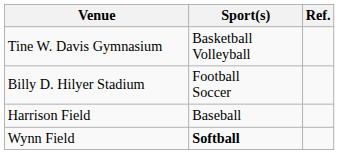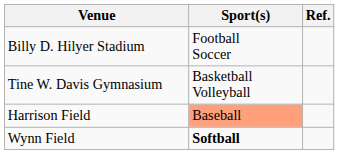 <table class="wikitable"; style= "text-align: ">
 <tr>
 <th width=200px>Venue</th>
 <th width=120px>Sport(s)</th>
 <th width=px>Ref.</th>
 </tr>
 <tr>
+<td>Billy D. Hilyer Stadium</td>
+<td>Football <br> Soccer</td>
+<td></td>
+</tr>
+<tr>
 <td>Tine W. Davis Gymnasium</td>
 <td>Basketball <br> Volleyball</td>
 <td></td>
 </tr>
 <tr>
-<td>Billy D. Hilyer Stadium</td>
-<td>Football <br> Soccer</td>
-<td></td>
-</tr>
-<tr>
 <td>Harrison Field</td>
-<td>Baseball</td>
+<td style="background: lightsalmon;">Baseball</td>
 <td></td>
 </tr>
 <tr>
 <td>Wynn Field</td>
 <td><strong>Softball</strong></td>
 <td></td>
 </tr>
 </table>
